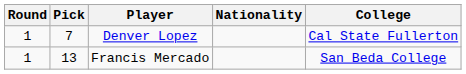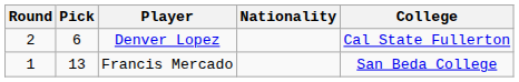 <table class="wikitable sortable sortable">
 <tr>
 <th>Round</th>
 <th>Pick</th>
 <th>Player</th>
 <th>Nationality</th>
 <th>College</th>
 </tr>
 <tr style="text-align: center">
-<td>1</td>
-<td>7</td>
+<td>2</td>
+<td>6</td>
 <td><a href='#'>Denver Lopez</a></td>
 <td></td>
 <td><a href='#'>Cal State Fullerton</a></td>
 </tr>
 <tr style="text-align: center">
 <td>1</td>
 <td>13</td>
 <td>Francis Mercado</td>
 <td></td>
 <td><a href='#'>San Beda College</a></td>
 </tr>
 </table>
